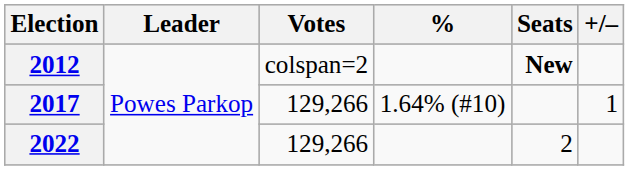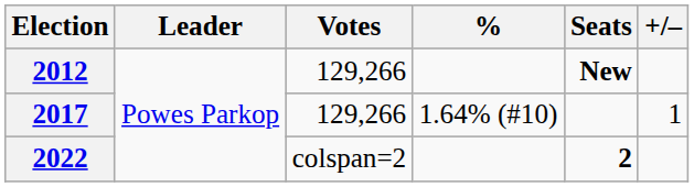 <table class="wikitable" style="text-align:right">
 <tr>
 <th>Election</th>
 <th>Leader</th>
 <th>Votes</th>
 <th>%</th>
 <th>Seats</th>
 <th>+/–</th>
 </tr>
 <tr>
 <th><a href='#'>2012</a></th>
 <td rowspan=3><a href='#'>Powes Parkop</a></td>
-<td>colspan=2 </td>
+<td>129,266</td>
 <td></td>
 <td><strong>New</strong></td>
 </tr>
 <tr>
 <th><a href='#'>2017</a></th>
 <td>129,266</td>
 <td>1.64% (#10)</td>
 <td></td>
 <td> 1</td>
 </tr>
 <tr>
 <th><a href='#'>2022</a></th>
-<td>129,266</td>
+<td>colspan=2 </td>
 <td></td>
-<td> 2</td>
+<td><strong> 2</strong></td>
 </tr>
 </table>
